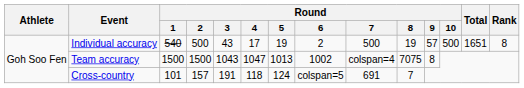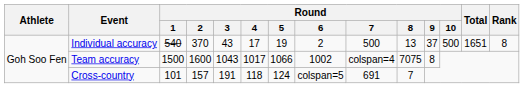 <table class=wikitable style=font-size:90%;text-align:center>
 <tr>
 <th rowspan="2">Athlete</th>
 <th rowspan="2">Event</th>
 <th colspan=10>Round</th>
 <th rowspan=2>Total</th>
 <th rowspan=2>Rank</th>
 </tr>
 <tr style="font-size:95%">
 <th>1</th>
 <th>2</th>
 <th>3</th>
 <th>4</th>
 <th>5</th>
 <th>6</th>
 <th>7</th>
 <th>8</th>
 <th>9</th>
 <th>10</th>
 </tr>
 <tr>
 <td align=left rowspan=3>Goh Soo Fen</td>
 <td align=left><a href='#'>Individual accuracy</a></td>
 <td><s>540</s></td>
-<td>500</td>
+<td>370</td>
 <td>43</td>
 <td>17</td>
 <td>19</td>
 <td>2</td>
 <td>500</td>
-<td>19</td>
-<td>57</td>
+<td>13</td>
+<td>37</td>
 <td>500</td>
 <td>1651</td>
 <td>8</td>
 </tr>
 <tr>
 <td align=left><a href='#'>Team accuracy</a></td>
 <td>1500</td>
-<td>1500</td>
+<td>1600</td>
 <td>1043</td>
-<td>1047</td>
-<td>1013</td>
+<td>1017</td>
+<td>1066</td>
 <td>1002</td>
 <td>colspan=4 </td>
 <td>7075</td>
 <td>8</td>
 </tr>
 <tr>
 <td align=left><a href='#'>Cross-country</a></td>
 <td>101</td>
 <td>157</td>
 <td>191</td>
 <td>118</td>
 <td>124</td>
 <td>colspan=5 </td>
 <td>691</td>
 <td>7</td>
 </tr>
 </table>
